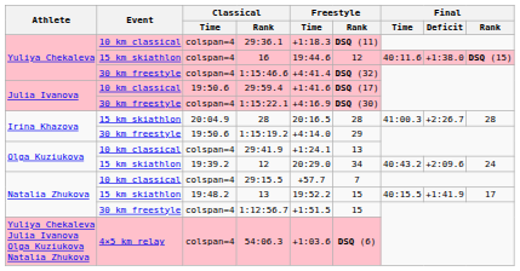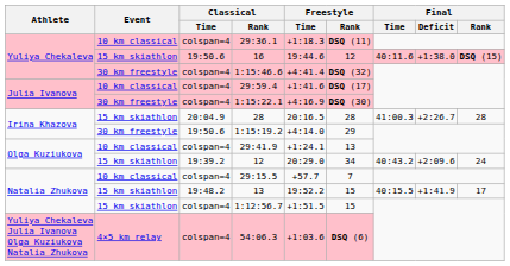 <table class="wikitable" style="font-size:90%">
 <tr>
 <th rowspan=2>Athlete</th>
 <th rowspan=2>Event</th>
 <th colspan=2>Classical</th>
 <th colspan=2>Freestyle</th>
 <th colspan=3>Final</th>
 </tr>
 <tr style="font-size: 95%">
 <th>Time</th>
 <th>Rank</th>
 <th>Time</th>
 <th>Rank</th>
 <th>Time</th>
 <th>Deficit</th>
 <th>Rank</th>
 </tr>
 <tr align=center bgcolor=pink>
 <td align=left rowspan=3><a href='#'>Yuliya Chekaleva</a></td>
 <td align=left><a href='#'>10 km classical</a></td>
 <td>colspan=4 </td>
 <td>29:36.1</td>
 <td>+1:18.3</td>
 <td><strong>DSQ</strong> (11)</td>
 </tr>
 <tr align=center bgcolor=pink>
 <td align=left><a href='#'>15 km skiathlon</a></td>
-<td>colspan=4 </td>
+<td>19:50.6</td>
 <td>16</td>
 <td>19:44.6</td>
 <td>12</td>
 <td>40:11.6</td>
 <td>+1:38.0</td>
 <td><strong>DSQ</strong> (15)</td>
 </tr>
 <tr align=center bgcolor=pink>
 <td align=left><a href='#'>30 km freestyle</a></td>
 <td>colspan=4 </td>
 <td>1:15:46.6</td>
 <td>+4:41.4</td>
 <td><strong>DSQ</strong> (32)</td>
 </tr>
 <tr align=center  bgcolor=pink>
 <td align=left rowspan=2><a href='#'>Julia Ivanova</a></td>
 <td align=left><a href='#'>10 km classical</a></td>
-<td>19:50.6</td>
+<td>colspan=4 </td>
 <td>29:59.4</td>
 <td>+1:41.6</td>
 <td><strong>DSQ</strong> (17)</td>
 </tr>
 <tr align=center  bgcolor=pink>
 <td align=left><a href='#'>30 km freestyle</a></td>
 <td>colspan=4 </td>
 <td>1:15:22.1</td>
 <td>+4:16.9</td>
 <td><strong>DSQ</strong> (30)</td>
 </tr>
 <tr align=center>
 <td align=left rowspan=2><a href='#'>Irina Khazova</a></td>
 <td align=left><a href='#'>15 km skiathlon</a></td>
 <td>20:04.9</td>
 <td>28</td>
 <td>20:16.5</td>
 <td>28</td>
 <td>41:00.3</td>
 <td>+2:26.7</td>
 <td>28</td>
 </tr>
 <tr align=center>
 <td align=left><a href='#'>30 km freestyle</a></td>
 <td>19:50.6</td>
 <td>1:15:19.2</td>
 <td>+4:14.0</td>
 <td>29</td>
 </tr>
 <tr align=center>
 <td align=left rowspan=2><a href='#'>Olga Kuziukova</a></td>
 <td align=left><a href='#'>10 km classical</a></td>
 <td>colspan=4 </td>
 <td>29:41.9</td>
 <td>+1:24.1</td>
 <td>13</td>
 </tr>
 <tr align=center>
 <td align=left><a href='#'>15 km skiathlon</a></td>
 <td>19:39.2</td>
 <td>12</td>
 <td>20:29.0</td>
 <td>34</td>
 <td>40:43.2</td>
 <td>+2:09.6</td>
 <td>24</td>
 </tr>
 <tr align=center>
 <td align=left rowspan=3><a href='#'>Natalia Zhukova</a></td>
 <td align=left><a href='#'>10 km classical</a></td>
 <td>colspan=4 </td>
 <td>29:15.5</td>
 <td>+57.7</td>
 <td>7</td>
 </tr>
 <tr align=center>
 <td align=left><a href='#'>15 km skiathlon</a></td>
 <td>19:48.2</td>
 <td>13</td>
 <td>19:52.2</td>
 <td>15</td>
 <td>40:15.5</td>
 <td>+1:41.9</td>
 <td>17</td>
 </tr>
 <tr align=center>
-<td align=left><a href='#'>30 km freestyle</a></td>
+<td align=left><a href='#'>15 km skiathlon</a></td>
 <td>colspan=4 </td>
 <td>1:12:56.7</td>
 <td>+1:51.5</td>
 <td>15</td>
 </tr>
 <tr align=center  bgcolor=pink>
 <td align=left><a href='#'>Yuliya Chekaleva</a><br><a href='#'>Julia Ivanova</a><br><a href='#'>Olga Kuziukova</a><br><a href='#'>Natalia Zhukova</a></td>
 <td align=left><a href='#'>4×5 km relay</a></td>
 <td>colspan=4 </td>
 <td>54:06.3</td>
 <td>+1:03.6</td>
 <td><strong>DSQ</strong> (6)</td>
 </tr>
 </table>
